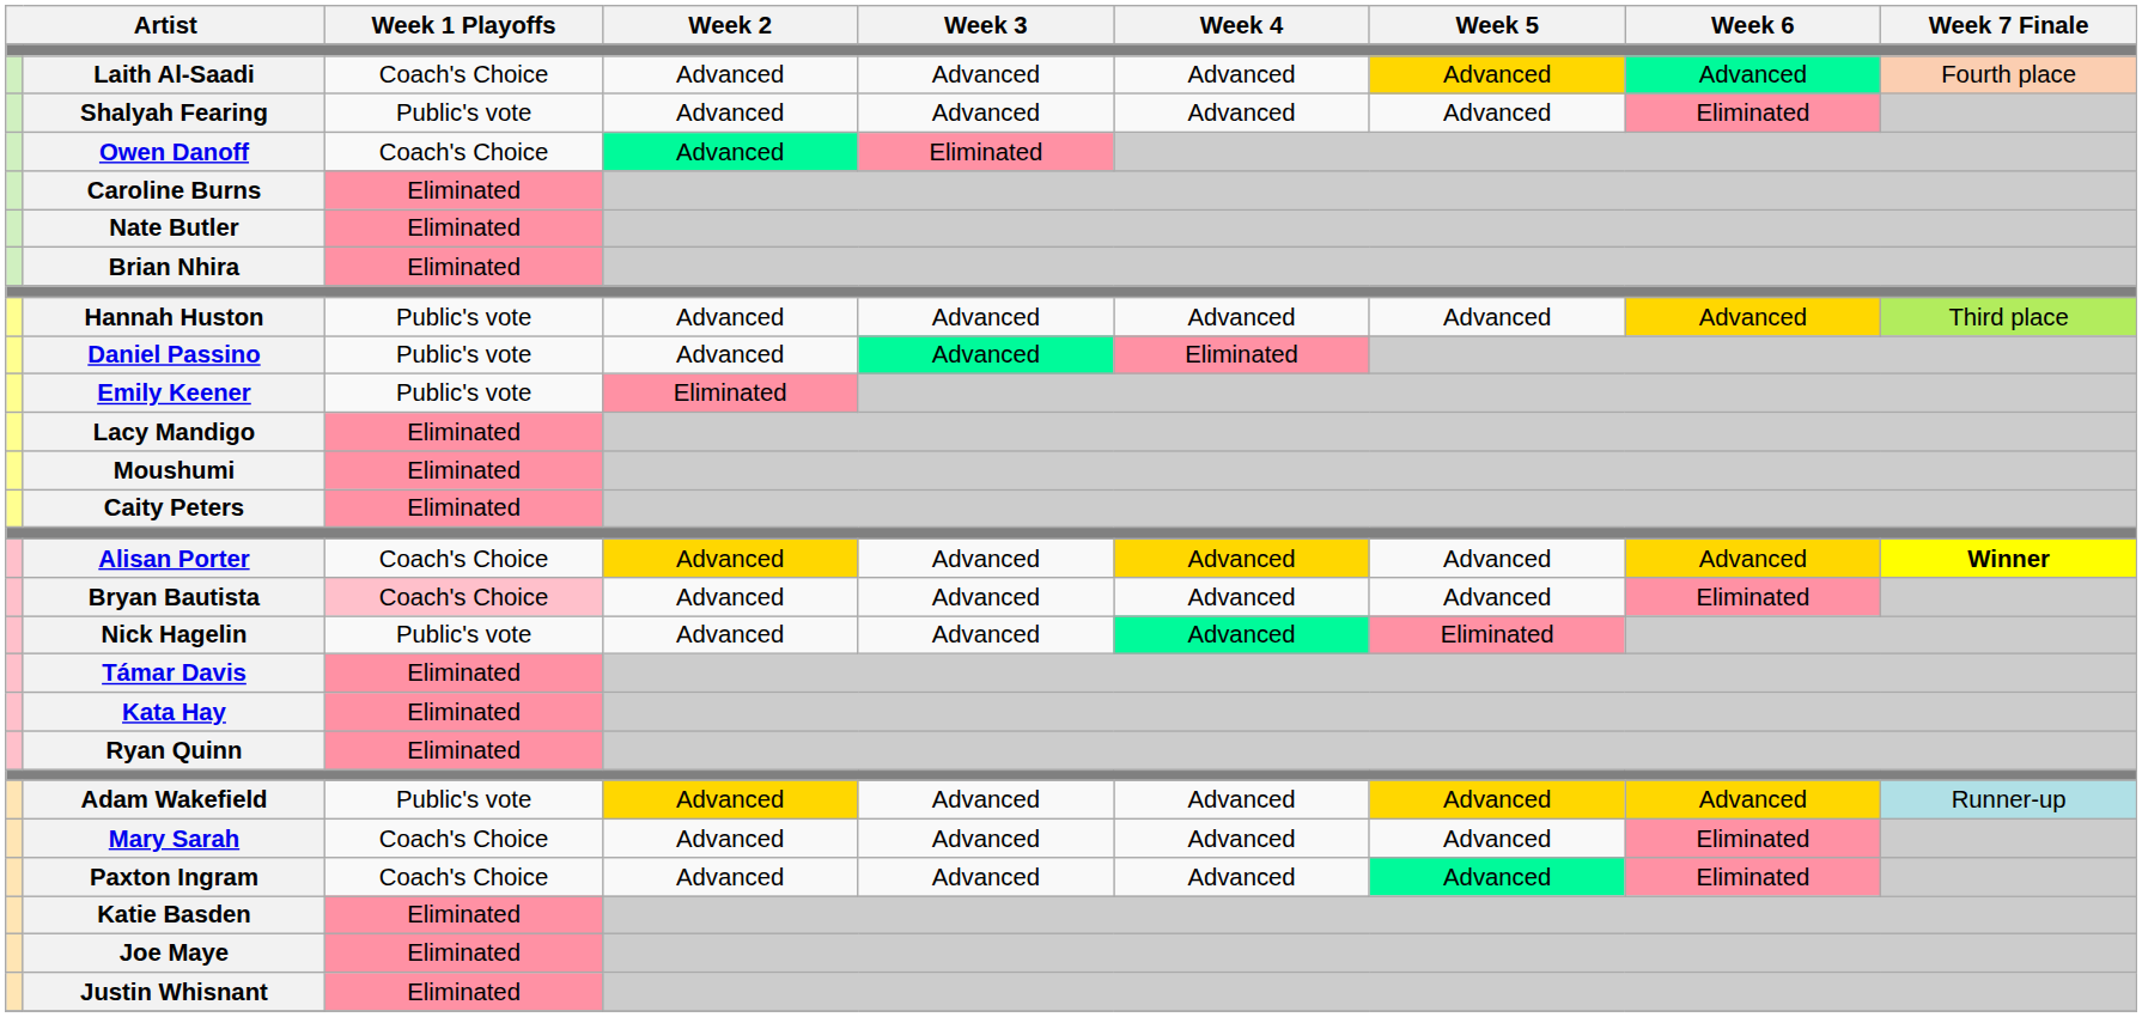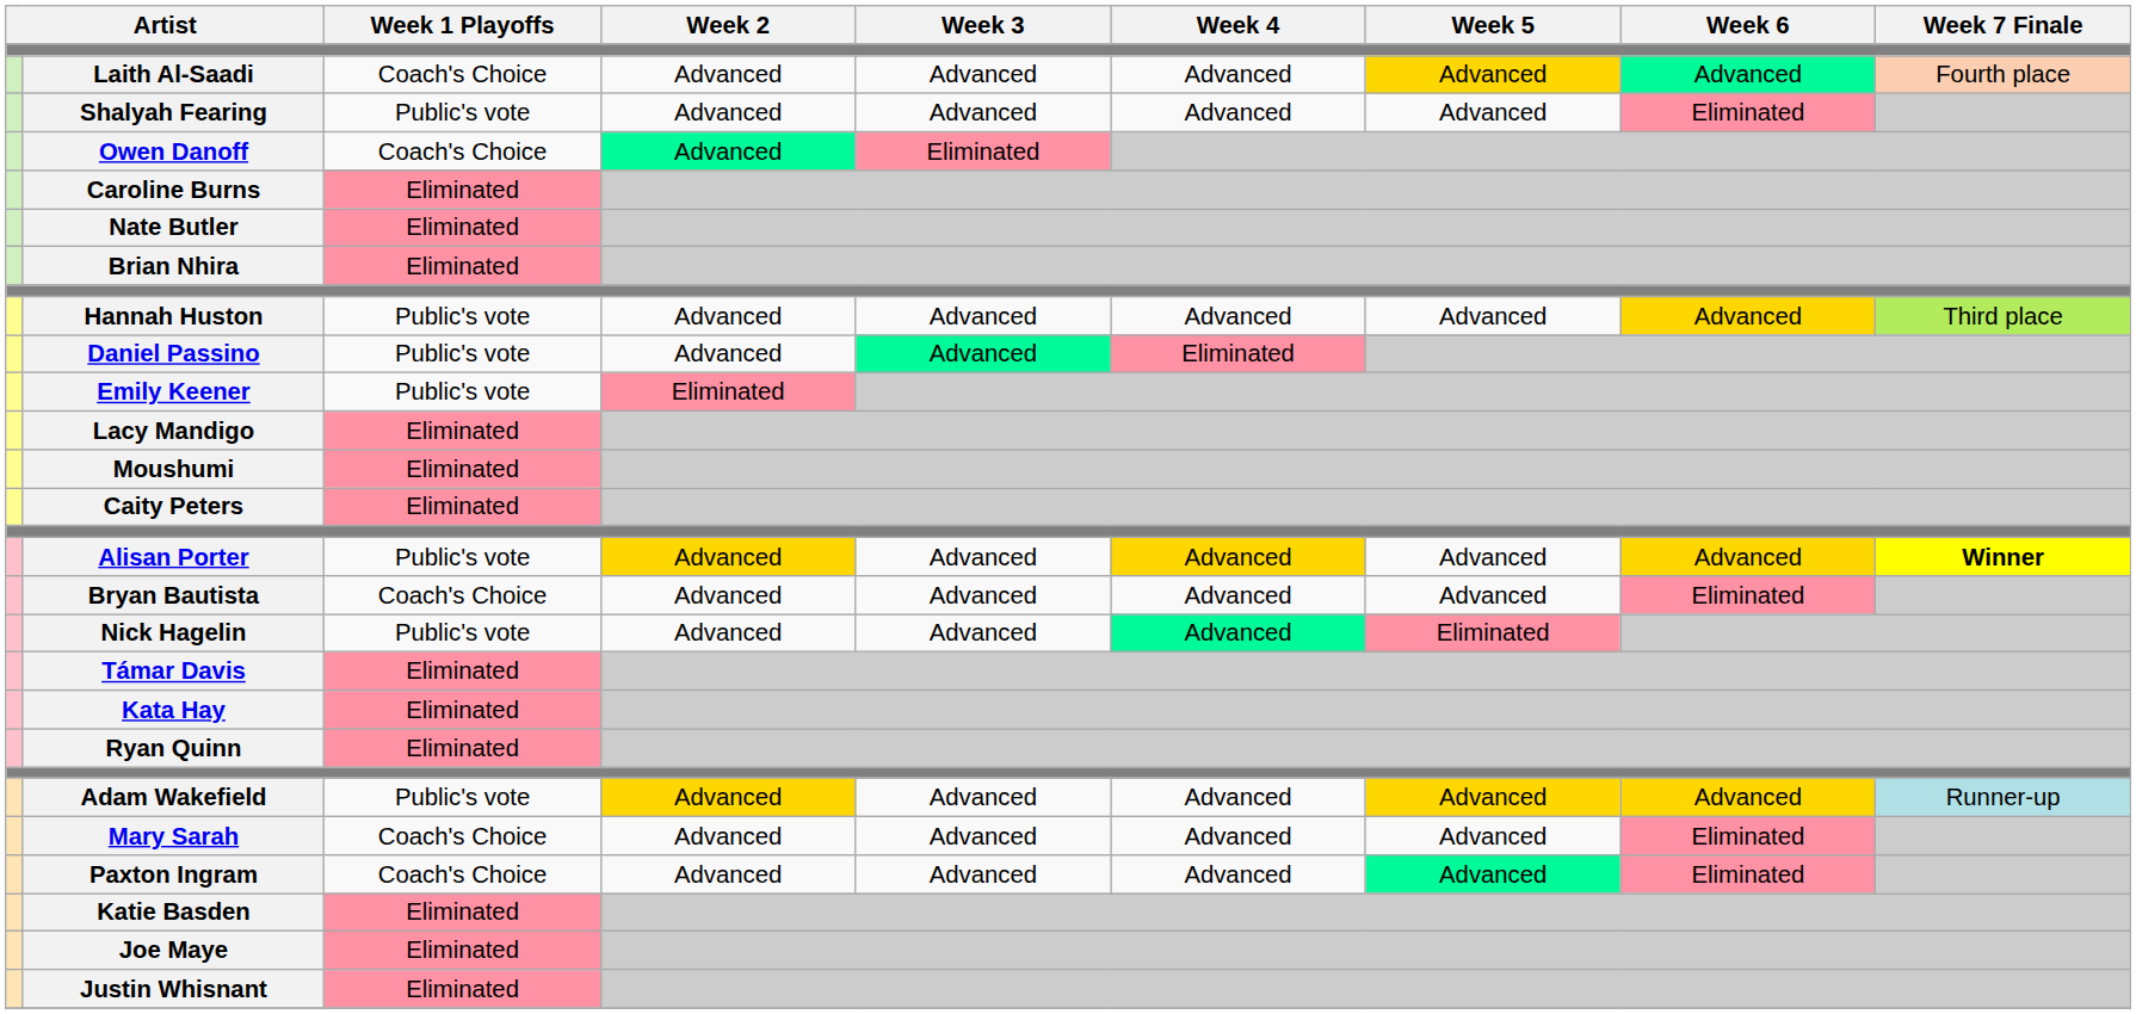 <table class="wikitable"  style="font-size:90%; text-align:center; width:100%;">
 <tr>
 <th colspan="2" width="15%;">Artist</th>
 <th style="width:13%;">Week 1 Playoffs</th>
 <th style="width:12%;">Week 2</th>
 <th style="width:12%;">Week 3</th>
 <th style="width:12%;">Week 4</th>
 <th style="width:12%;">Week 5</th>
 <th style="width:12%;">Week 6</th>
 <th style="width:20%;">Week 7 Finale</th>
 </tr>
 <tr>
 <th colspan="9" style="background:gray;"></th>
 </tr>
 <tr>
 <th style="background:#d0f0c0;"></th>
 <th>Laith Al-Saadi</th>
 <td>Coach's Choice</td>
 <td>Advanced</td>
 <td>Advanced</td>
 <td>Advanced</td>
 <td style="background:gold;">Advanced </td>
 <td style="background:#00FA9A;">Advanced </td>
 <td style="background:#FBCEB1;">Fourth place </td>
 </tr>
 <tr>
 <th style="background:#d0f0c0;"></th>
 <th>Shalyah Fearing</th>
 <td>Public's vote</td>
 <td>Advanced</td>
 <td>Advanced</td>
 <td>Advanced</td>
 <td>Advanced</td>
 <td style="background:#FF91A4;">Eliminated</td>
 <td style="background:#ccc;"></td>
 </tr>
 <tr>
 <th style="background:#d0f0c0;"></th>
 <th><a href='#'>Owen Danoff</a></th>
 <td>Coach's Choice</td>
 <td style="background:#00FA9A;">Advanced</td>
 <td style="background:#FF91A4;">Eliminated</td>
 <td colspan="4" style="background:#ccc;"></td>
 </tr>
 <tr>
 <th style="background:#d0f0c0;"></th>
 <th>Caroline Burns</th>
 <td style="background:#FF91A4;">Eliminated</td>
 <td colspan="6" style="background:#ccc;"></td>
 </tr>
 <tr>
 <th style="background:#d0f0c0;"></th>
 <th>Nate Butler</th>
 <td style="background:#FF91A4;">Eliminated</td>
 <td colspan="6" style="background:#ccc;"></td>
 </tr>
 <tr>
 <th style="background:#d0f0c0;"></th>
 <th>Brian Nhira</th>
 <td style="background:#FF91A4;">Eliminated</td>
 <td colspan="6" style="background:#ccc;"></td>
 </tr>
 <tr>
 <th colspan="11" style="background:gray;"></th>
 </tr>
 <tr>
 <th style="background:#FFFF90;"></th>
 <th>Hannah Huston</th>
 <td>Public's vote</td>
 <td>Advanced</td>
 <td>Advanced</td>
 <td>Advanced</td>
 <td>Advanced</td>
 <td style="background:gold;">Advanced </td>
 <td style="background:#B2EC5D;">Third place </td>
 </tr>
 <tr>
 <th style="background:#FFFF90;"></th>
 <th><a href='#'>Daniel Passino</a></th>
 <td>Public's vote</td>
 <td>Advanced</td>
 <td style="background:#00FA9A;">Advanced</td>
 <td style="background:#FF91A4;">Eliminated</td>
 <td colspan="3" style="background:#ccc;"></td>
 </tr>
 <tr>
 <th style="background:#FFFF90;"></th>
 <th><a href='#'>Emily Keener</a></th>
 <td>Public's vote</td>
 <td style="background:#FF91A4;">Eliminated</td>
 <td colspan="5" style="background:#ccc;"></td>
 </tr>
 <tr>
 <th style="background:#FFFF90;"></th>
 <th>Lacy Mandigo</th>
 <td style="background:#FF91A4;">Eliminated</td>
 <td colspan="6" style="background:#ccc;"></td>
 </tr>
 <tr>
 <th style="background:#FFFF90;"></th>
 <th>Moushumi</th>
 <td style="background:#FF91A4;">Eliminated</td>
 <td colspan="6" style="background:#ccc;"></td>
 </tr>
 <tr>
 <th style="background:#FFFF90;"></th>
 <th>Caity Peters</th>
 <td style="background:#FF91A4;">Eliminated</td>
 <td colspan="6" style="background:#ccc;"></td>
 </tr>
 <tr>
 <th colspan="11" style="background:gray;"></th>
 </tr>
 <tr>
 <th style="background:pink;"></th>
 <th><a href='#'>Alisan Porter</a></th>
-<td>Coach's Choice</td>
+<td>Public's vote</td>
 <td style="background:gold;">Advanced </td>
 <td>Advanced</td>
 <td style="background:gold;">Advanced </td>
 <td>Advanced</td>
 <td style="background:gold;">Advanced </td>
 <td style="background:yellow;"><strong>Winner</strong> </td>
 </tr>
 <tr>
 <th style="background:pink;"></th>
 <th>Bryan Bautista</th>
-<td style="background: pink;">Coach's Choice</td>
+<td>Coach's Choice</td>
 <td>Advanced</td>
 <td>Advanced</td>
 <td>Advanced</td>
 <td>Advanced</td>
 <td style="background:#FF91A4;">Eliminated </td>
 <td style="background:#ccc;"></td>
 </tr>
 <tr>
 <th style="background:pink;"></th>
 <th>Nick Hagelin</th>
 <td>Public's vote</td>
 <td>Advanced</td>
 <td>Advanced</td>
 <td style="background:#00FA9A;">Advanced</td>
 <td style="background:#FF91A4;">Eliminated</td>
 <td colspan="2" style="background:#ccc;"></td>
 </tr>
 <tr>
 <th style="background:pink;"></th>
 <th><a href='#'>Támar Davis</a></th>
 <td style="background:#FF91A4;">Eliminated</td>
 <td colspan="6" style="background:#ccc;"></td>
 </tr>
 <tr>
 <th style="background:pink;"></th>
 <th><a href='#'>Kata Hay</a></th>
 <td style="background:#FF91A4;">Eliminated</td>
 <td colspan="6" style="background:#ccc;"></td>
 </tr>
 <tr>
 <th style="background:pink;"></th>
 <th>Ryan Quinn</th>
 <td style="background:#FF91A4;">Eliminated</td>
 <td colspan="6" style="background:#ccc;"></td>
 </tr>
 <tr>
 <th colspan="11" style="background:gray;"></th>
 </tr>
 <tr>
 <th style="background:#ffe5b4;"></th>
 <th>Adam Wakefield</th>
 <td>Public's vote</td>
 <td style="background:gold;">Advanced </td>
 <td>Advanced</td>
 <td>Advanced</td>
 <td style="background:gold;">Advanced </td>
 <td style="background:gold;">Advanced </td>
 <td style="background:#B0E0E6;">Runner-up </td>
 </tr>
 <tr>
 <th style="background:#ffe5b4;"></th>
 <th><a href='#'>Mary Sarah</a></th>
 <td>Coach's Choice</td>
 <td>Advanced</td>
 <td>Advanced</td>
 <td>Advanced</td>
 <td>Advanced</td>
 <td style="background:#FF91A4;">Eliminated </td>
 <td style="background:#ccc;"></td>
 </tr>
 <tr>
 <th style="background:#ffe5b4;"></th>
 <th>Paxton Ingram</th>
 <td>Coach's Choice</td>
 <td>Advanced</td>
 <td>Advanced</td>
 <td>Advanced</td>
 <td style="background:#00FA9A;">Advanced</td>
 <td style="background:#FF91A4;">Eliminated</td>
 <td style="background:#ccc;"></td>
 </tr>
 <tr>
 <th style="background:#ffe5b4;"></th>
 <th>Katie Basden</th>
 <td style="background:#FF91A4;">Eliminated</td>
 <td colspan="6" style="background:#ccc;"></td>
 </tr>
 <tr>
 <th style="background:#ffe5b4;"></th>
 <th>Joe Maye</th>
 <td style="background:#FF91A4;">Eliminated</td>
 <td colspan="6" style="background:#ccc;"></td>
 </tr>
 <tr>
 <th style="background:#ffe5b4;"></th>
 <th>Justin Whisnant</th>
 <td style="background:#FF91A4;">Eliminated</td>
 <td colspan="6" style="background:#ccc;"></td>
 </tr>
 <tr>
 </tr>
 </table>
